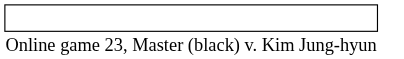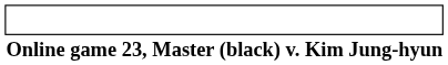 <table style="display:inline; display:inline-table;">
 <tr>
 <td style="border: solid thin; padding: 2px;"><br></td>
 </tr>
 <tr>
-<td style="text-align:center">Online game 23, Master (black) v. Kim Jung-hyun</td>
+<td style="text-align:center"><strong>Online game 23, Master (black) v. Kim Jung-hyun</strong></td>
 </tr>
 </table>
